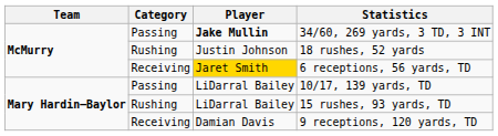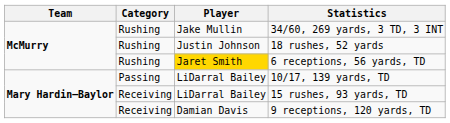 <table class="wikitable" style="float: left;">
 <tr>
 <th>Team</th>
 <th>Category</th>
 <th>Player</th>
 <th>Statistics</th>
 </tr>
 <tr>
 <td rowspan=3><strong>McMurry</strong></td>
-<td>Passing</td>
-<td><strong>Jake Mullin</strong></td>
+<td>Rushing</td>
+<td>Jake Mullin</td>
 <td>34/60, 269 yards, 3 TD, 3 INT</td>
 </tr>
 <tr>
 <td>Rushing</td>
 <td>Justin Johnson</td>
 <td>18 rushes, 52 yards</td>
 </tr>
 <tr>
-<td>Receiving</td>
+<td>Rushing</td>
 <td style="background: gold;">Jaret Smith</td>
 <td>6 receptions, 56 yards, TD</td>
 </tr>
 <tr>
 <td rowspan=3><strong>Mary Hardin–Baylor</strong></td>
 <td>Passing</td>
 <td>LiDarral Bailey</td>
 <td>10/17, 139 yards, TD</td>
 </tr>
 <tr>
-<td>Rushing</td>
+<td>Receiving</td>
 <td>LiDarral Bailey</td>
 <td>15 rushes, 93 yards, TD</td>
 </tr>
 <tr>
 <td>Receiving</td>
 <td>Damian Davis</td>
 <td>9 receptions, 120 yards, TD</td>
 </tr>
 </table>
